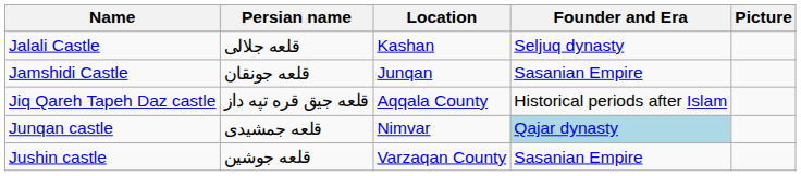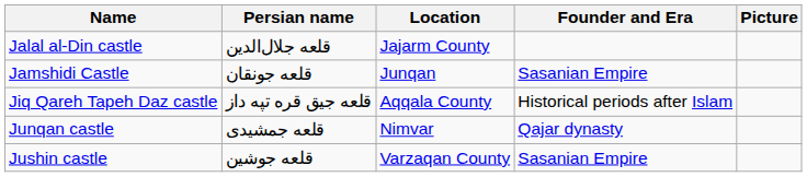 <table class="wikitable">
 <tr>
 <th>Name</th>
 <th>Persian name</th>
 <th>Location</th>
 <th>Founder and Era</th>
 <th>Picture</th>
 </tr>
 <tr>
-<td><a href='#'>Jalali Castle</a></td>
-<td>قلعه جلالی</td>
-<td><a href='#'>Kashan</a></td>
-<td><a href='#'>Seljuq dynasty</a></td>
+<td><a href='#'>Jalal al-Din castle</a></td>
+<td>قلعه جلال‌الدین</td>
+<td><a href='#'>Jajarm County</a></td>
+<td></td>
 <td align="center"></td>
 </tr>
 <tr>
 <td><a href='#'>Jamshidi Castle</a></td>
 <td>قلعه جونقان</td>
 <td><a href='#'>Junqan</a></td>
 <td><a href='#'>Sasanian Empire</a></td>
 <td></td>
 </tr>
 <tr>
 <td><a href='#'>Jiq Qareh Tapeh Daz castle</a></td>
 <td>قلعه جیق قره تپه داز</td>
 <td><a href='#'>Aqqala County</a></td>
 <td>Historical periods after <a href='#'>Islam</a></td>
 <td></td>
 </tr>
 <tr>
 <td><a href='#'>Junqan castle</a></td>
 <td>قلعه جمشیدی</td>
 <td><a href='#'>Nimvar</a></td>
-<td style="background: lightblue;"><a href='#'>Qajar dynasty</a></td>
+<td><a href='#'>Qajar dynasty</a></td>
 <td align="center"></td>
 </tr>
 <tr>
 <td><a href='#'>Jushin castle</a></td>
 <td>قلعه جوشین</td>
 <td><a href='#'>Varzaqan County</a></td>
 <td><a href='#'>Sasanian Empire</a></td>
 <td align="center"></td>
 </tr>
 </table>
